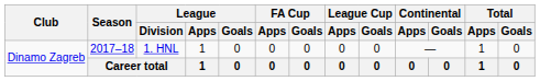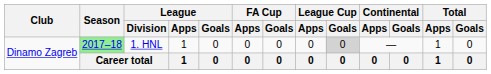 <table class=wikitable style="text-align: center;">
 <tr>
 <th rowspan=2>Club</th>
 <th rowspan=2>Season</th>
 <th colspan=3>League</th>
 <th colspan=2>FA Cup</th>
 <th colspan=2>League Cup</th>
 <th colspan=2>Continental</th>
 <th colspan=2>Total</th>
 </tr>
 <tr>
 <th>Division</th>
 <th>Apps</th>
 <th>Goals</th>
 <th>Apps</th>
 <th>Goals</th>
 <th>Apps</th>
 <th>Goals</th>
 <th>Apps</th>
 <th>Goals</th>
 <th>Apps</th>
 <th>Goals</th>
 </tr>
 <tr>
 <td rowspan=3><a href='#'>Dinamo Zagreb</a></td>
-<td><a href='#'>2017–18</a></td>
+<td style="background: lightgreen;"><a href='#'>2017–18</a></td>
 <td><a href='#'>1. HNL</a></td>
 <td>1</td>
 <td>0</td>
 <td>0</td>
 <td>0</td>
 <td>0</td>
-<td>0</td>
+<td style="background: lightgrey;">0</td>
 <td colspan=2>—</td>
 <td>1</td>
 <td>0</td>
 </tr>
 <tr>
 <th colspan=2>Career total</th>
 <th>1</th>
 <th>0</th>
 <th>0</th>
 <th>0</th>
 <th>0</th>
 <th>0</th>
 <th>0</th>
 <th>0</th>
 <th>1</th>
 <th>0</th>
 </tr>
 </table>
